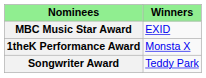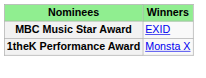 <table class="wikitable plainrowheaders">
 <tr>
 <th style="background:#90EE90;">Nominees</th>
 <th style="background:#90EE90;">Winners</th>
 </tr>
 <tr>
 <th scope="row">MBC Music Star Award</th>
 <td><a href='#'>EXID</a></td>
 </tr>
 <tr>
 <th scope="row">1theK Performance Award</th>
 <td><a href='#'>Monsta X</a></td>
 </tr>
-<tr>
-<th scope="row">Songwriter Award</th>
-<td><a href='#'>Teddy Park</a></td>
-</tr>
 </table>
